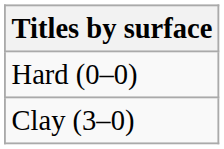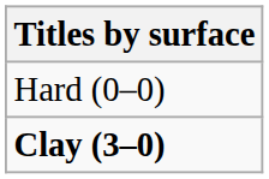 <table class=wikitable style=font-size:97%  align=left>
 <tr>
 <th>Titles by surface</th>
 </tr>
 <tr>
 <td>Hard (0–0)</td>
 </tr>
 <tr>
-<td>Clay (3–0)</td>
+<td><strong>Clay (3–0)</strong></td>
 </tr>
 </table>
